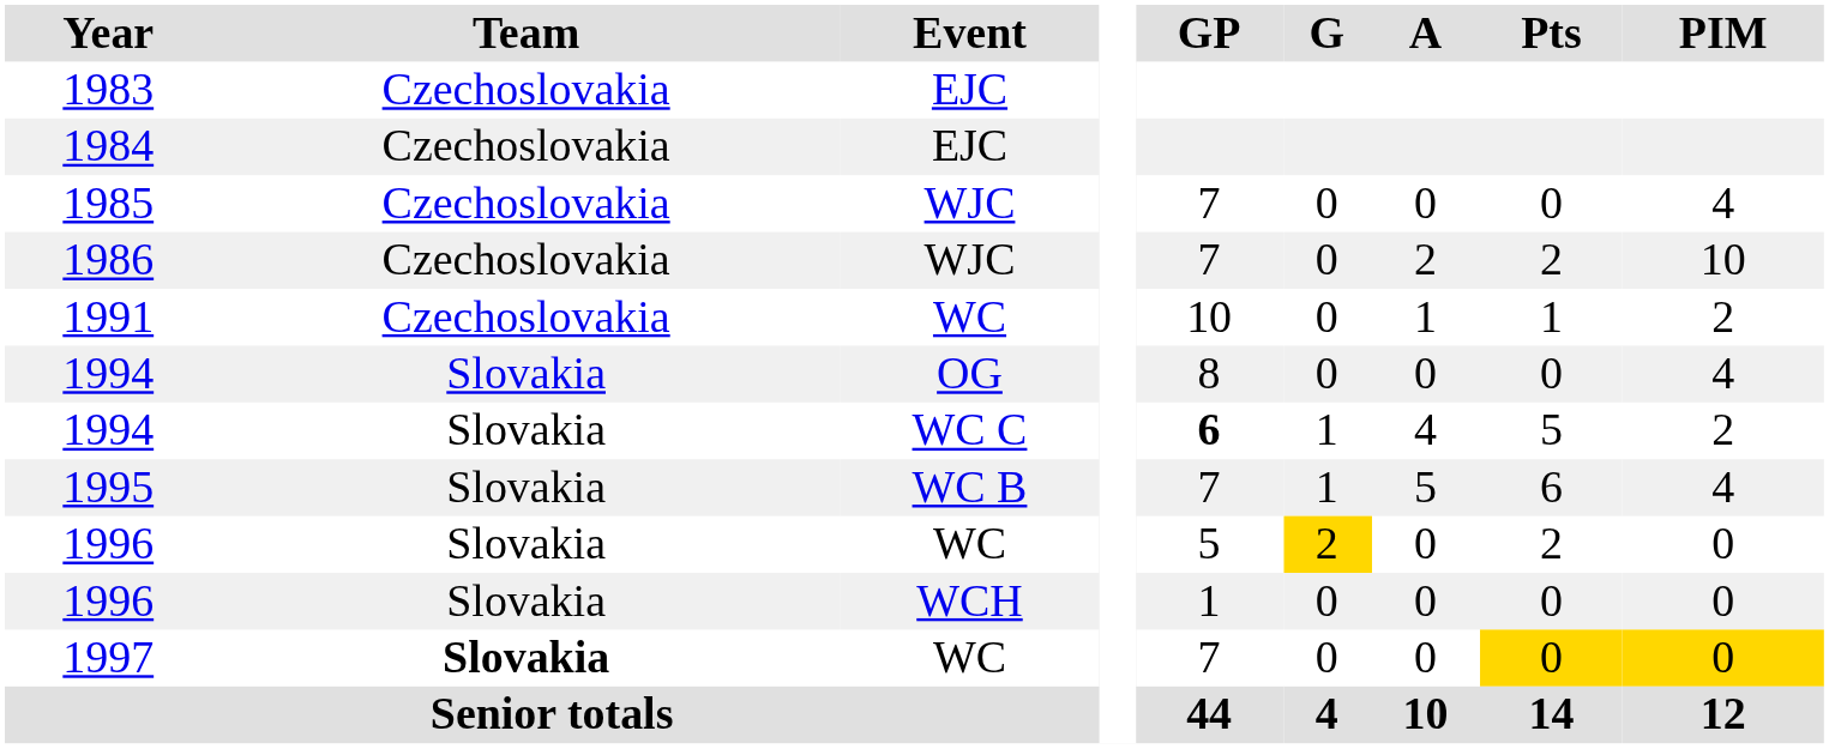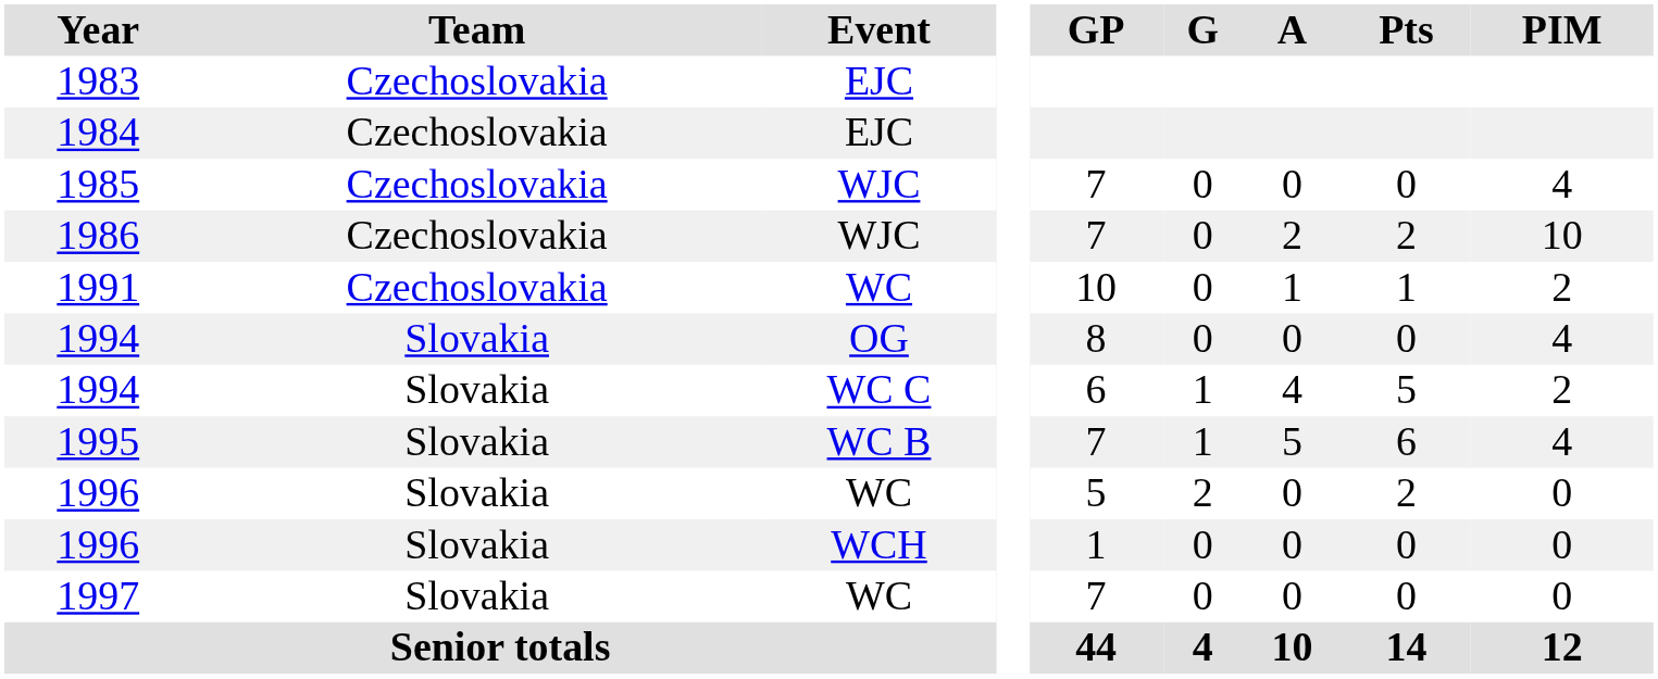 <table border="0" cellpadding="1" cellspacing="0" style="text-align:center; width:40em">
 <tr ALIGN="center" bgcolor="#e0e0e0">
 <th>Year</th>
 <th>Team</th>
 <th>Event</th>
 <th rowspan="99" bgcolor="#ffffff"> </th>
 <th>GP</th>
 <th>G</th>
 <th>A</th>
 <th>Pts</th>
 <th>PIM</th>
 </tr>
 <tr>
 <td><a href='#'>1983</a></td>
 <td><a href='#'>Czechoslovakia</a></td>
 <td><a href='#'>EJC</a></td>
 <td></td>
 <td></td>
 <td></td>
 <td></td>
 <td></td>
 </tr>
 <tr bgcolor="#f0f0f0">
 <td><a href='#'>1984</a></td>
 <td>Czechoslovakia</td>
 <td>EJC</td>
 <td></td>
 <td></td>
 <td></td>
 <td></td>
 <td></td>
 </tr>
 <tr>
 <td><a href='#'>1985</a></td>
 <td><a href='#'>Czechoslovakia</a></td>
 <td><a href='#'>WJC</a></td>
 <td>7</td>
 <td>0</td>
 <td>0</td>
 <td>0</td>
 <td>4</td>
 </tr>
 <tr bgcolor="#f0f0f0">
 <td><a href='#'>1986</a></td>
 <td>Czechoslovakia</td>
 <td>WJC</td>
 <td>7</td>
 <td>0</td>
 <td>2</td>
 <td>2</td>
 <td>10</td>
 </tr>
 <tr>
 <td><a href='#'>1991</a></td>
 <td><a href='#'>Czechoslovakia</a></td>
 <td><a href='#'>WC</a></td>
 <td>10</td>
 <td>0</td>
 <td>1</td>
 <td>1</td>
 <td>2</td>
 </tr>
 <tr bgcolor="#f0f0f0">
 <td><a href='#'>1994</a></td>
 <td><a href='#'>Slovakia</a></td>
 <td><a href='#'>OG</a></td>
 <td>8</td>
 <td>0</td>
 <td>0</td>
 <td>0</td>
 <td>4</td>
 </tr>
 <tr>
 <td><a href='#'>1994</a></td>
 <td>Slovakia</td>
 <td><a href='#'>WC C</a></td>
-<td><strong>6</strong></td>
+<td>6</td>
 <td>1</td>
 <td>4</td>
 <td>5</td>
 <td>2</td>
 </tr>
 <tr bgcolor="#f0f0f0">
 <td><a href='#'>1995</a></td>
 <td>Slovakia</td>
 <td><a href='#'>WC B</a></td>
 <td>7</td>
 <td>1</td>
 <td>5</td>
 <td>6</td>
 <td>4</td>
 </tr>
 <tr>
 <td><a href='#'>1996</a></td>
 <td>Slovakia</td>
 <td>WC</td>
 <td>5</td>
-<td style="background: gold;">2</td>
+<td>2</td>
 <td>0</td>
 <td>2</td>
 <td>0</td>
 </tr>
 <tr bgcolor="#f0f0f0">
 <td><a href='#'>1996</a></td>
 <td>Slovakia</td>
 <td><a href='#'>WCH</a></td>
 <td>1</td>
 <td>0</td>
 <td>0</td>
 <td>0</td>
 <td>0</td>
 </tr>
 <tr>
 <td><a href='#'>1997</a></td>
-<td><strong>Slovakia</strong></td>
+<td>Slovakia</td>
 <td>WC</td>
 <td>7</td>
 <td>0</td>
 <td>0</td>
-<td style="background: gold;">0</td>
-<td style="background: gold;">0</td>
+<td>0</td>
+<td>0</td>
 </tr>
 <tr bgcolor="#e0e0e0">
 <th colspan=3>Senior totals</th>
 <th>44</th>
 <th>4</th>
 <th>10</th>
 <th>14</th>
 <th>12</th>
 </tr>
 </table>
